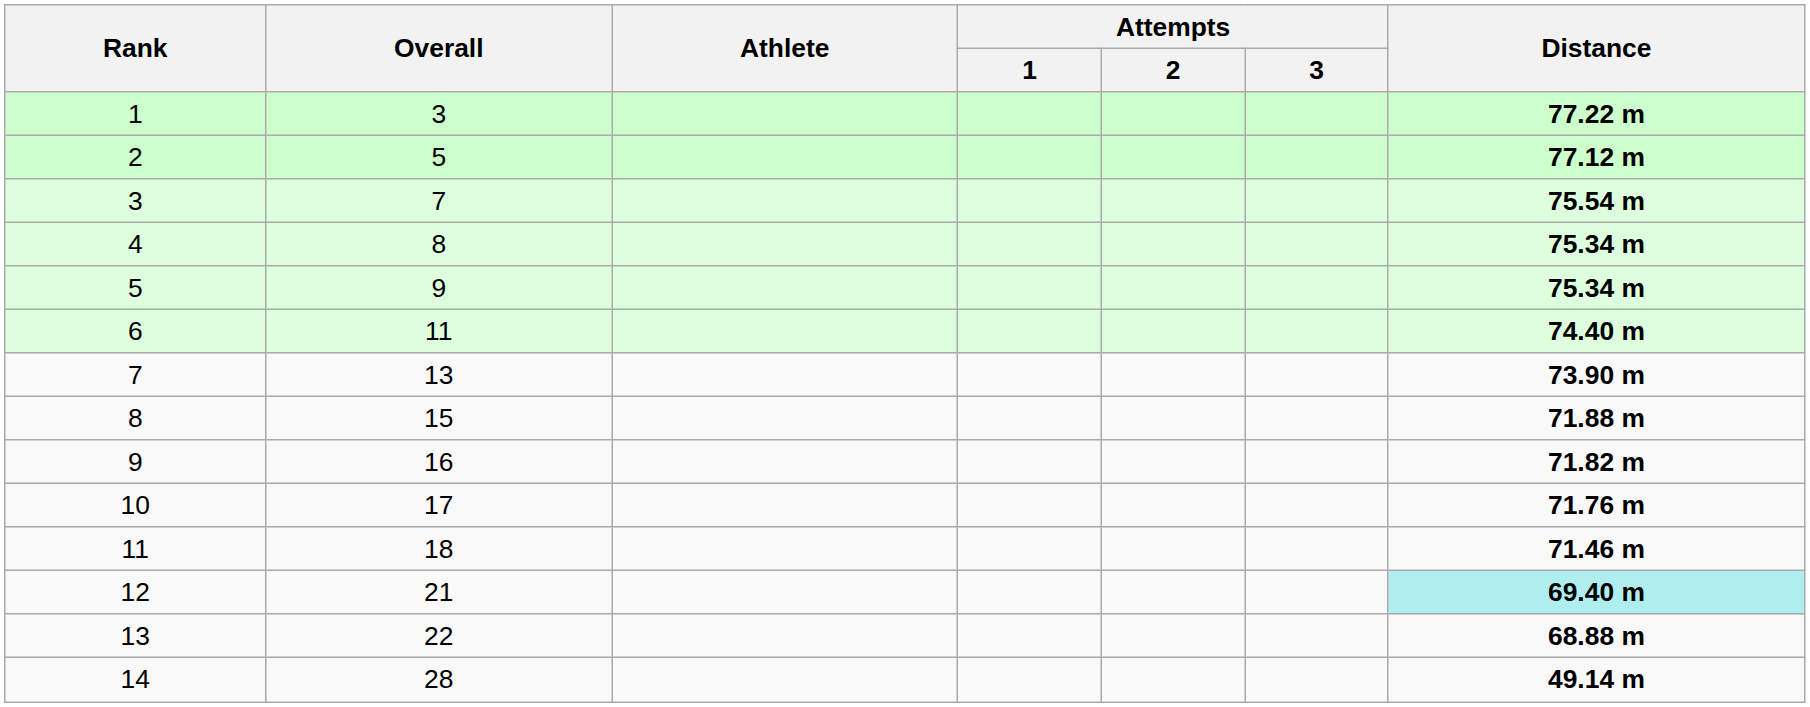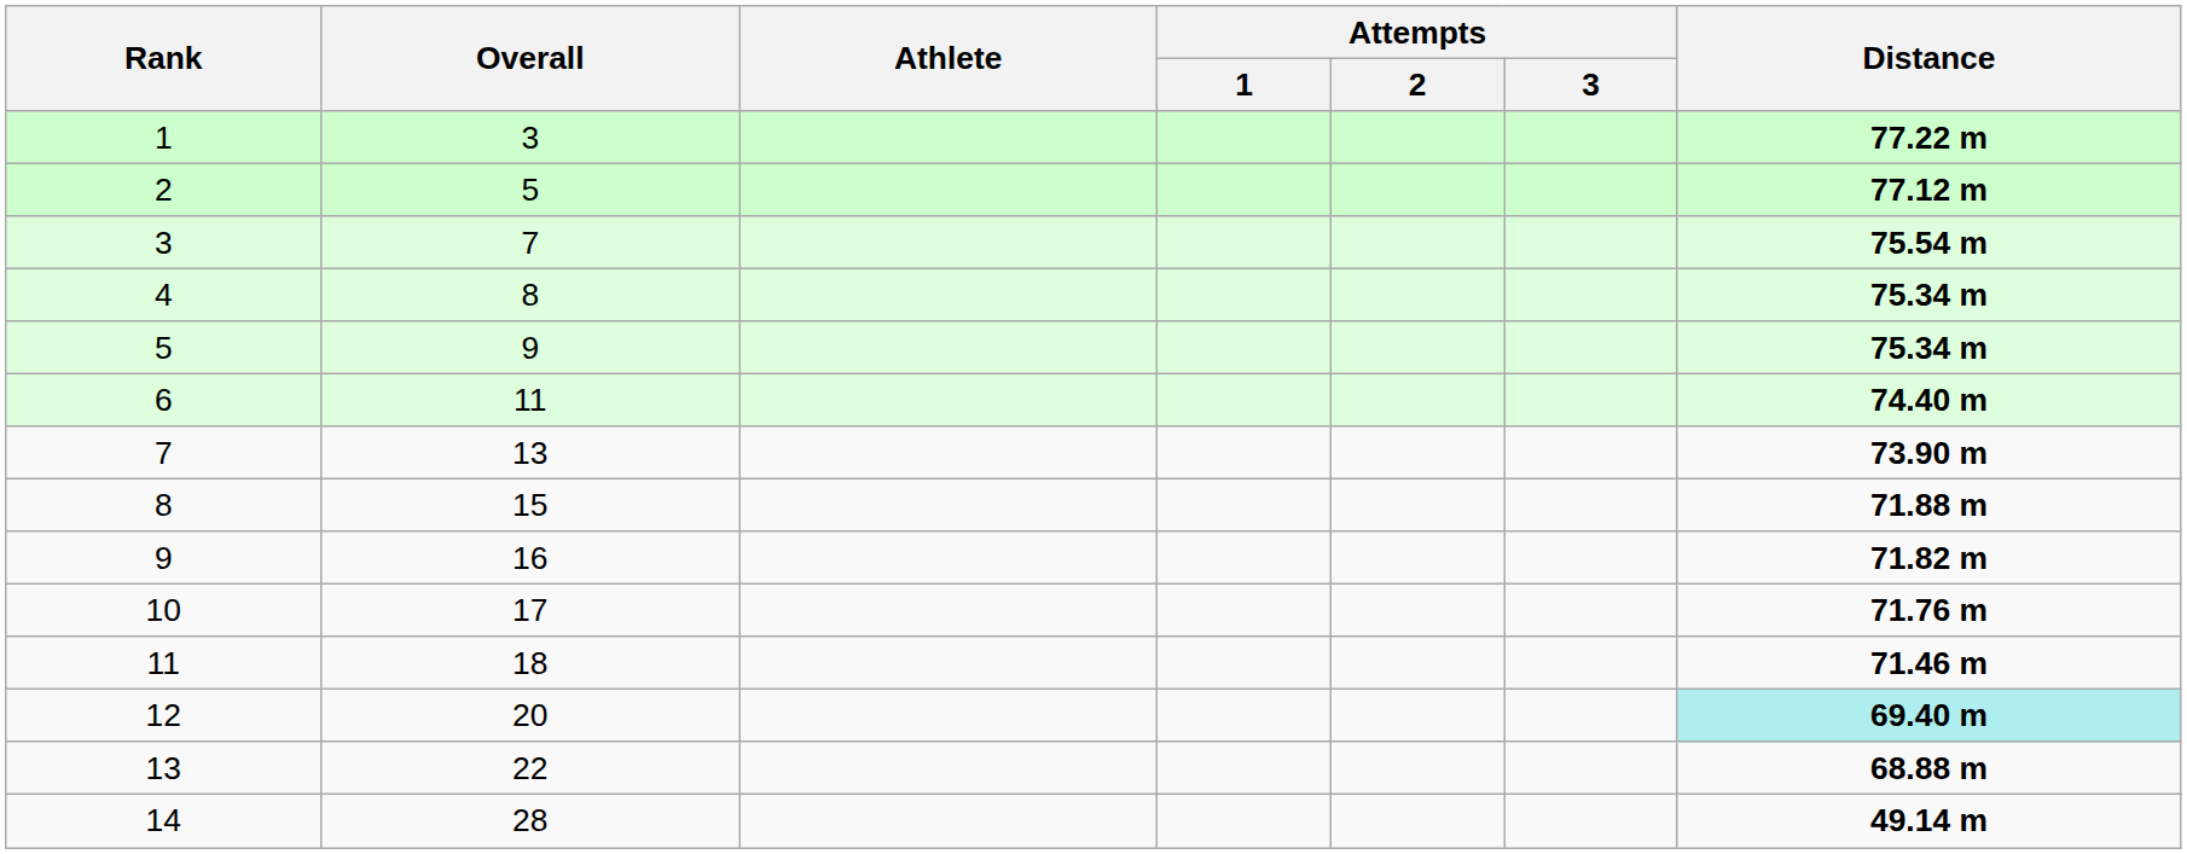 <table class="wikitable" style=" text-align:center; font-size:110%;" width="95%">
 <tr>
 <th rowspan="2">Rank</th>
 <th rowspan="2">Overall</th>
 <th rowspan="2">Athlete</th>
 <th colspan="3">Attempts</th>
 <th rowspan="2">Distance</th>
 </tr>
 <tr>
 <th>1</th>
 <th>2</th>
 <th>3</th>
 </tr>
 <tr style="background:#ccffcc;">
 <td>1</td>
 <td>3</td>
 <td align=left></td>
 <td></td>
 <td></td>
 <td></td>
 <td><strong>77.22 m </strong></td>
 </tr>
 <tr style="background:#ccffcc;">
 <td>2</td>
 <td>5</td>
 <td align=left></td>
 <td></td>
 <td></td>
 <td></td>
 <td><strong>77.12 m </strong></td>
 </tr>
 <tr style="background:#ddffdd;">
 <td>3</td>
 <td>7</td>
 <td align=left></td>
 <td></td>
 <td></td>
 <td></td>
 <td><strong>75.54 m </strong></td>
 </tr>
 <tr style="background:#ddffdd;">
 <td>4</td>
 <td>8</td>
 <td align=left></td>
 <td></td>
 <td></td>
 <td></td>
 <td><strong>75.34 m </strong></td>
 </tr>
 <tr style="background:#ddffdd;">
 <td>5</td>
 <td>9</td>
 <td align=left></td>
 <td></td>
 <td></td>
 <td></td>
 <td><strong>75.34 m </strong></td>
 </tr>
 <tr style="background:#ddffdd;">
 <td>6</td>
 <td>11</td>
 <td align=left></td>
 <td></td>
 <td></td>
 <td></td>
 <td><strong>74.40 m </strong></td>
 </tr>
 <tr>
 <td>7</td>
 <td>13</td>
 <td align=left></td>
 <td></td>
 <td></td>
 <td></td>
 <td><strong>73.90 m </strong></td>
 </tr>
 <tr>
 <td>8</td>
 <td>15</td>
 <td align=left></td>
 <td></td>
 <td></td>
 <td></td>
 <td><strong>71.88 m </strong></td>
 </tr>
 <tr>
 <td>9</td>
 <td>16</td>
 <td align=left></td>
 <td></td>
 <td></td>
 <td></td>
 <td><strong>71.82 m </strong></td>
 </tr>
 <tr>
 <td>10</td>
 <td>17</td>
 <td align=left></td>
 <td></td>
 <td></td>
 <td></td>
 <td><strong>71.76 m </strong></td>
 </tr>
 <tr>
 <td>11</td>
 <td>18</td>
 <td align=left></td>
 <td></td>
 <td></td>
 <td></td>
 <td><strong>71.46 m </strong></td>
 </tr>
 <tr>
 <td>12</td>
-<td>21</td>
+<td>20</td>
 <td align=left></td>
 <td></td>
 <td></td>
 <td></td>
 <td style="background: paleturquoise;"><strong>69.40 m </strong></td>
 </tr>
 <tr>
 <td>13</td>
 <td>22</td>
 <td align=left></td>
 <td></td>
 <td></td>
 <td></td>
 <td><strong>68.88 m </strong></td>
 </tr>
 <tr>
 <td>14</td>
 <td>28</td>
 <td align=left></td>
 <td></td>
 <td></td>
 <td></td>
 <td><strong>49.14 m </strong></td>
 </tr>
 </table>
